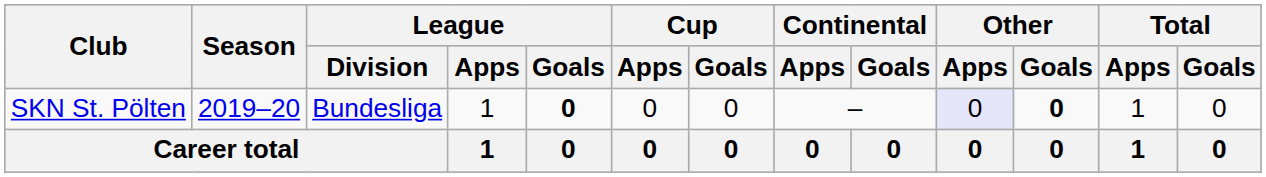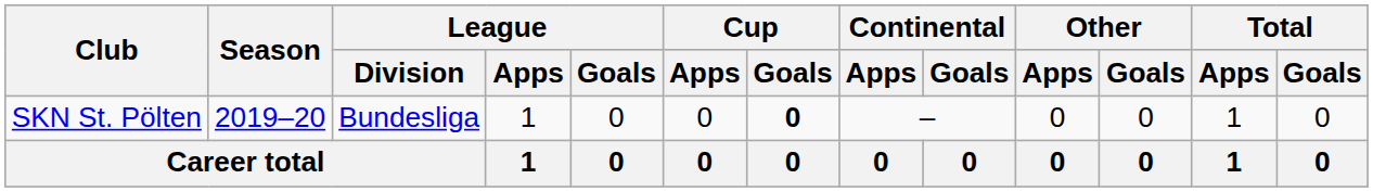 <table class="wikitable" style="text-align: center">
 <tr>
 <th rowspan="2">Club</th>
 <th rowspan="2">Season</th>
 <th colspan="3">League</th>
 <th colspan="2">Cup</th>
 <th colspan="2">Continental</th>
 <th colspan="2">Other</th>
 <th colspan="2">Total</th>
 </tr>
 <tr>
 <th>Division</th>
 <th>Apps</th>
 <th>Goals</th>
 <th>Apps</th>
 <th>Goals</th>
 <th>Apps</th>
 <th>Goals</th>
 <th>Apps</th>
 <th>Goals</th>
 <th>Apps</th>
 <th>Goals</th>
 </tr>
 <tr>
 <td><a href='#'>SKN St. Pölten</a></td>
 <td><a href='#'>2019–20</a></td>
 <td><a href='#'>Bundesliga</a></td>
 <td>1</td>
-<td><strong>0</strong></td>
 <td>0</td>
 <td>0</td>
+<td><strong>0</strong></td>
 <td colspan="2">–</td>
-<td style="background: lavender;">0</td>
-<td><strong>0</strong></td>
+<td>0</td>
+<td>0</td>
 <td>1</td>
 <td>0</td>
 </tr>
 <tr>
 <th colspan=3>Career total</th>
 <th>1</th>
 <th>0</th>
 <th>0</th>
 <th>0</th>
 <th>0</th>
 <th>0</th>
 <th>0</th>
 <th>0</th>
 <th>1</th>
 <th>0</th>
 </tr>
 </table>
